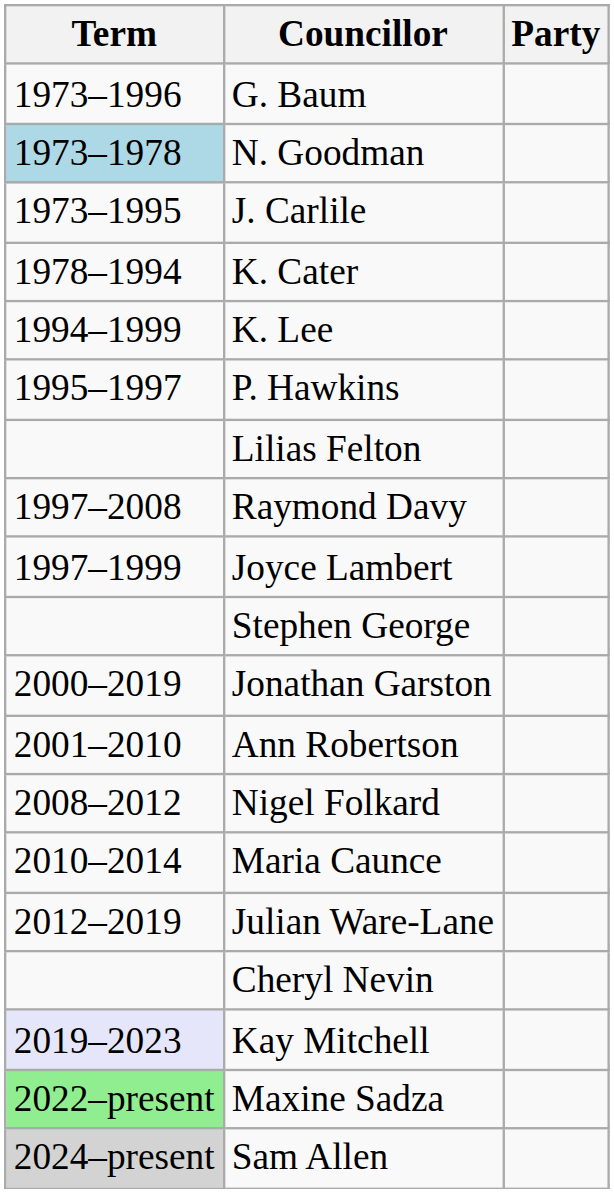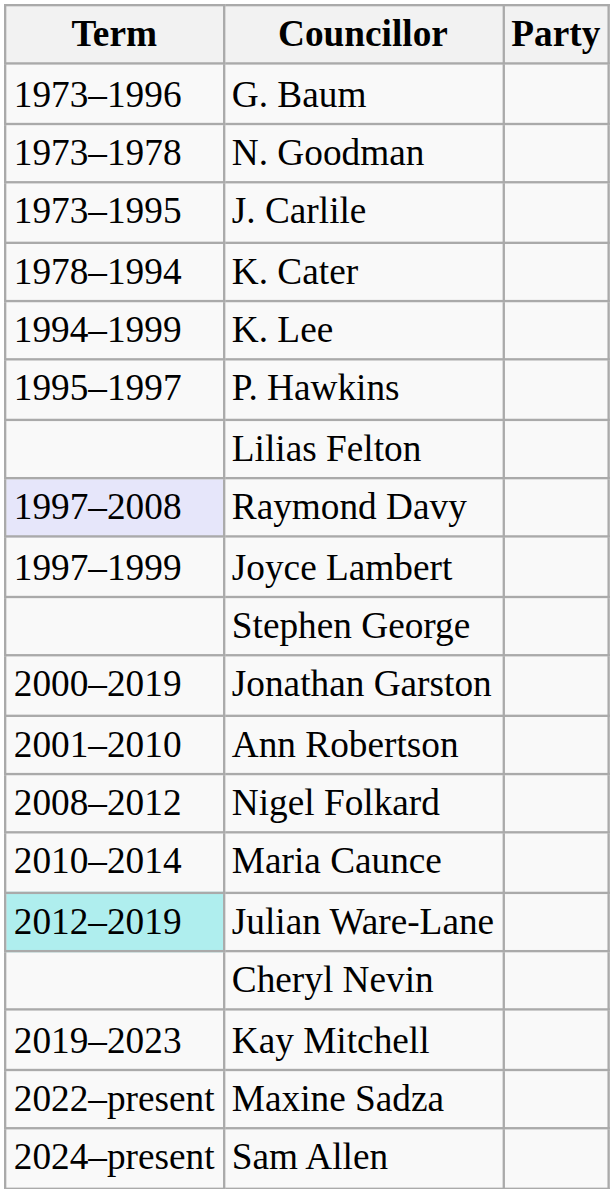 <table class="wikitable">
 <tr>
 <th>Term</th>
 <th>Councillor</th>
 <th colspan=2>Party</th>
 </tr>
 <tr>
 <td>1973–1996</td>
 <td>G. Baum</td>
 <td></td>
 </tr>
 <tr>
-<td style="background: lightblue;">1973–1978</td>
+<td>1973–1978</td>
 <td>N. Goodman</td>
 <td></td>
 </tr>
 <tr>
 <td>1973–1995</td>
 <td>J. Carlile</td>
 <td></td>
 </tr>
 <tr>
 <td>1978–1994</td>
 <td>K. Cater</td>
 <td></td>
 </tr>
 <tr>
 <td>1994–1999</td>
 <td>K. Lee</td>
 <td></td>
 </tr>
 <tr>
 <td>1995–1997</td>
 <td>P. Hawkins</td>
 <td></td>
 </tr>
 <tr>
 <td></td>
 <td>Lilias Felton</td>
 <td></td>
 </tr>
 <tr>
-<td>1997–2008</td>
+<td style="background: lavender;">1997–2008</td>
 <td>Raymond Davy</td>
 <td></td>
 </tr>
 <tr>
 <td>1997–1999</td>
 <td>Joyce Lambert</td>
 <td></td>
 </tr>
 <tr>
 <td></td>
 <td>Stephen George</td>
 <td></td>
 </tr>
 <tr>
 <td>2000–2019</td>
 <td>Jonathan Garston</td>
 <td></td>
 </tr>
 <tr>
 <td>2001–2010</td>
 <td>Ann Robertson</td>
 <td></td>
 </tr>
 <tr>
 <td>2008–2012</td>
 <td>Nigel Folkard</td>
 <td></td>
 </tr>
 <tr>
 <td>2010–2014</td>
 <td>Maria Caunce</td>
 <td></td>
 </tr>
 <tr>
-<td>2012–2019</td>
+<td style="background: paleturquoise;">2012–2019</td>
 <td>Julian Ware-Lane</td>
 <td></td>
 </tr>
 <tr>
 <td></td>
 <td>Cheryl Nevin</td>
 <td></td>
 </tr>
 <tr>
-<td style="background: lavender;">2019–2023</td>
+<td>2019–2023</td>
 <td>Kay Mitchell</td>
 <td></td>
 </tr>
 <tr>
-<td style="background: lightgreen;">2022–present</td>
+<td>2022–present</td>
 <td>Maxine Sadza</td>
 <td></td>
 </tr>
 <tr>
-<td style="background: lightgrey;">2024–present</td>
+<td>2024–present</td>
 <td>Sam Allen</td>
 <td></td>
 </tr>
 </table>
